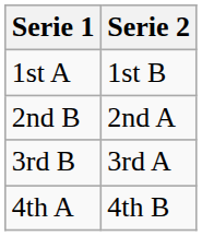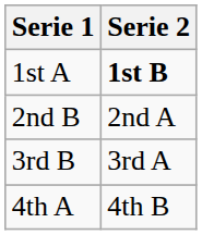 <table class="wikitable">
 <tr>
 <th>Serie 1</th>
 <th>Serie 2</th>
 </tr>
 <tr>
 <td>1st A</td>
-<td>1st B</td>
+<td><strong>1st B</strong></td>
 </tr>
 <tr>
 <td>2nd B</td>
 <td>2nd A</td>
 </tr>
 <tr>
 <td>3rd B</td>
 <td>3rd A</td>
 </tr>
 <tr>
 <td>4th A</td>
 <td>4th B</td>
 </tr>
 </table>
